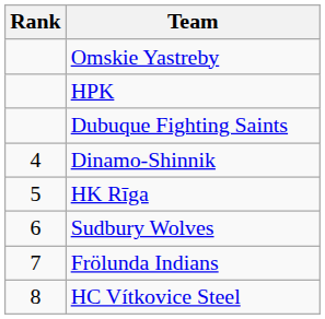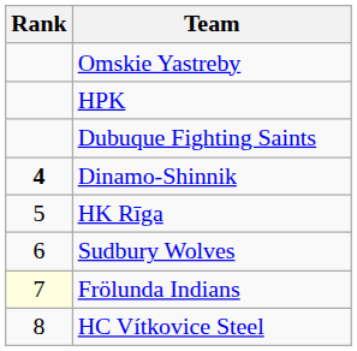 <table class=wikitable style="text-align:center;">
 <tr>
 <th>Rank</th>
 <th width=180>Team</th>
 </tr>
 <tr>
 <td></td>
 <td align=left> <a href='#'>Omskie Yastreby</a></td>
 </tr>
 <tr>
 <td></td>
 <td align=left> <a href='#'>HPK</a></td>
 </tr>
 <tr>
 <td></td>
 <td align=left> <a href='#'>Dubuque Fighting Saints</a></td>
 </tr>
 <tr>
-<td>4</td>
+<td><strong>4</strong></td>
 <td align=left> <a href='#'>Dinamo-Shinnik</a></td>
 </tr>
 <tr>
 <td>5</td>
 <td align=left> <a href='#'>HK Rīga</a></td>
 </tr>
 <tr>
 <td>6</td>
 <td align=left> <a href='#'>Sudbury Wolves</a></td>
 </tr>
 <tr>
-<td>7</td>
+<td style="background: lightyellow;">7</td>
 <td align=left> <a href='#'>Frölunda Indians</a></td>
 </tr>
 <tr>
 <td>8</td>
 <td align=left> <a href='#'>HC Vítkovice Steel</a></td>
 </tr>
 </table>
